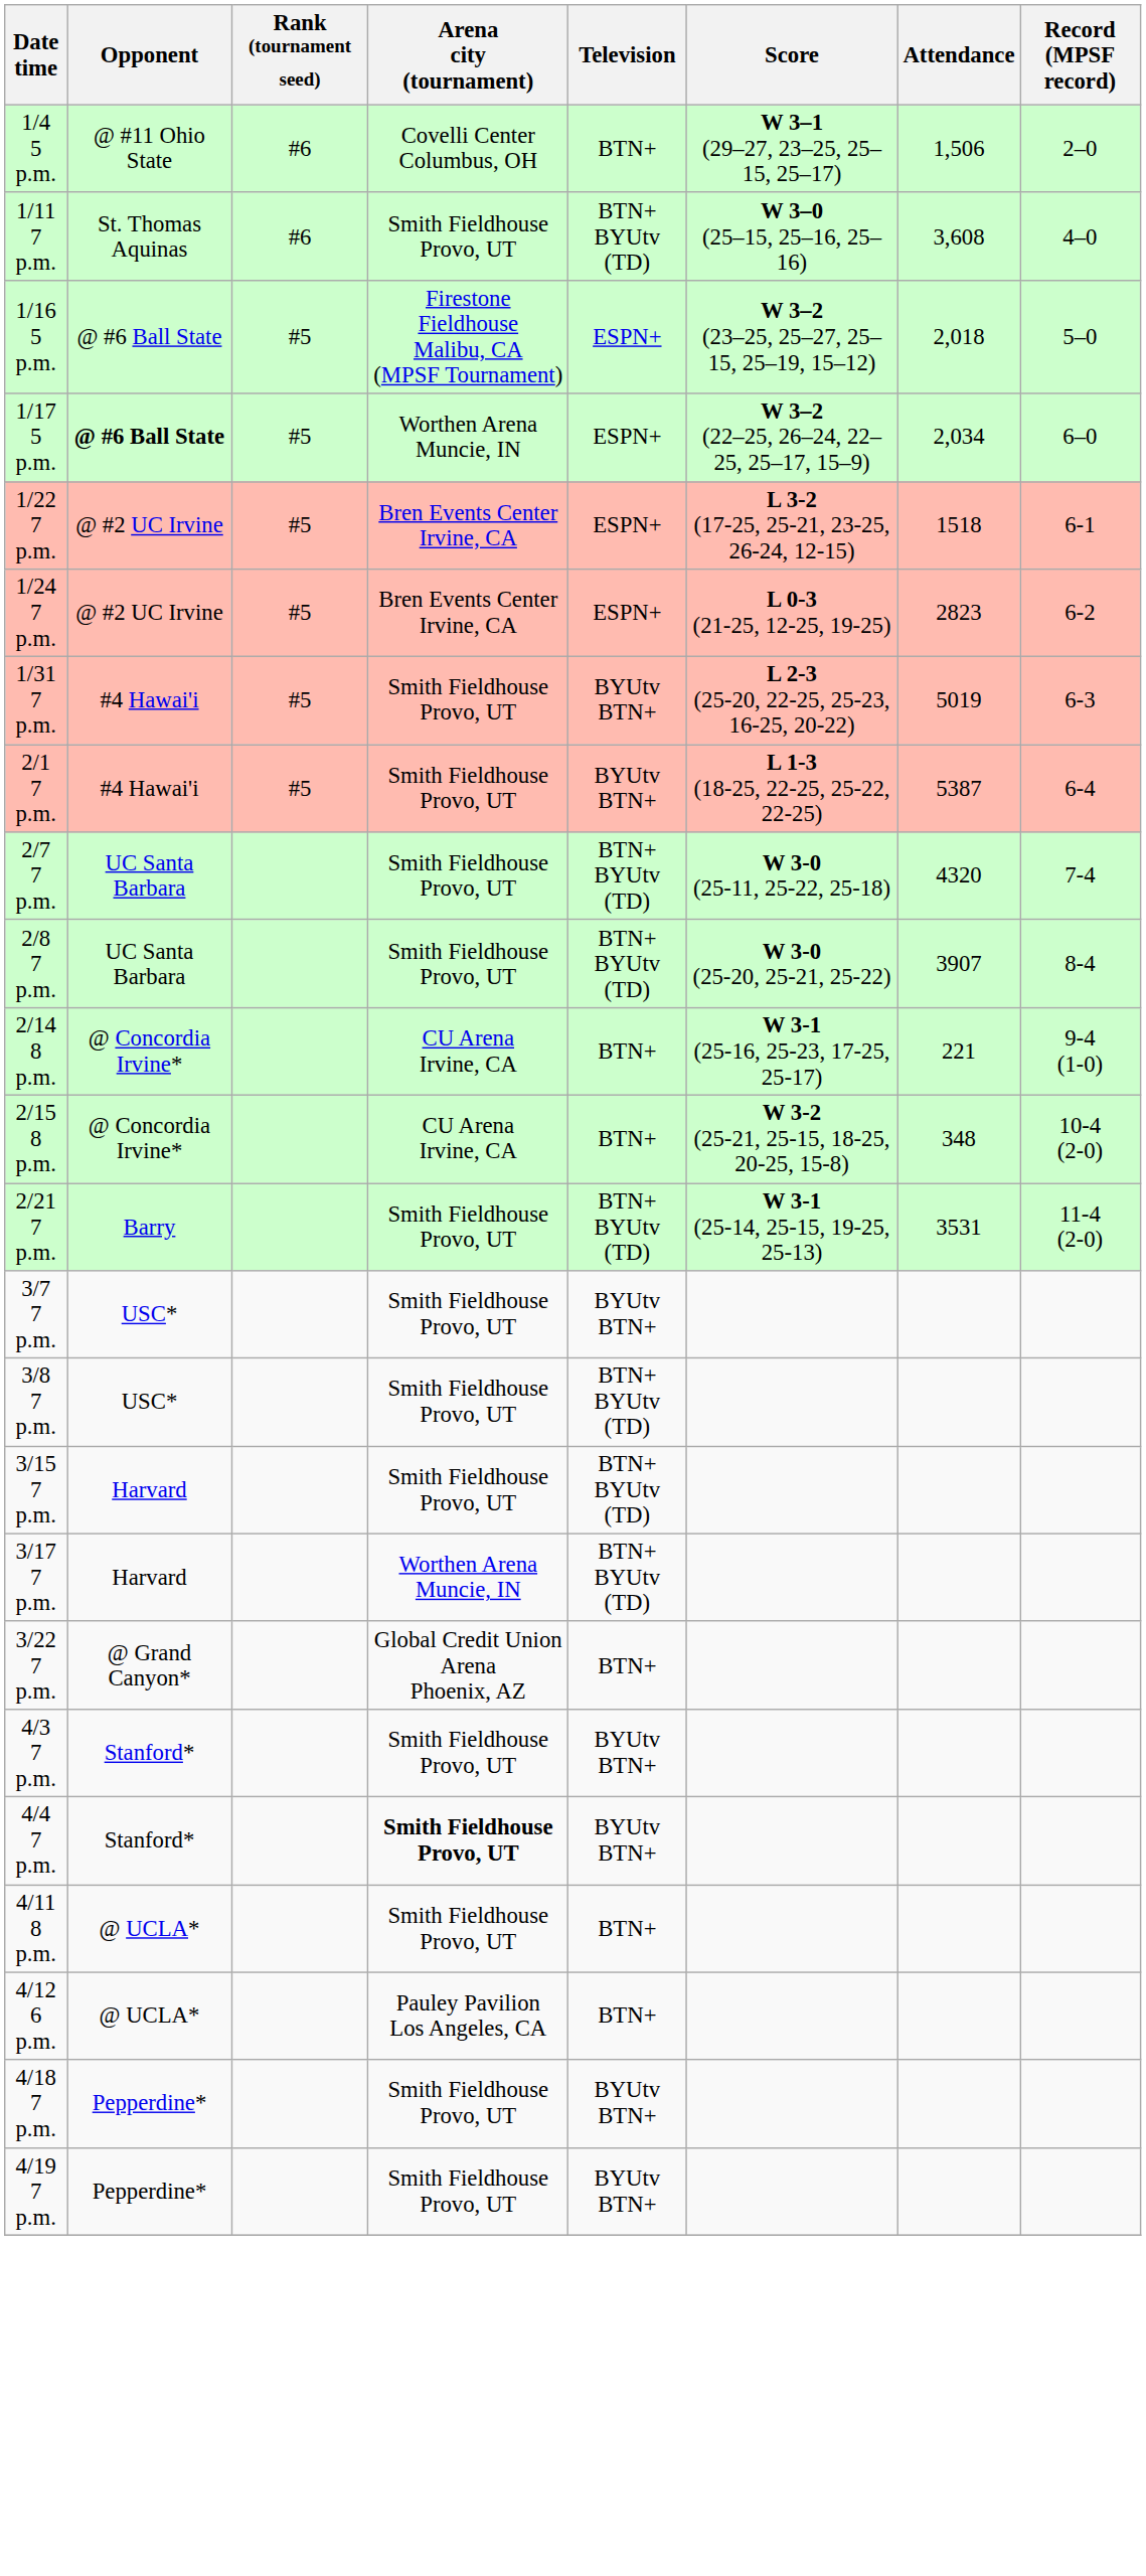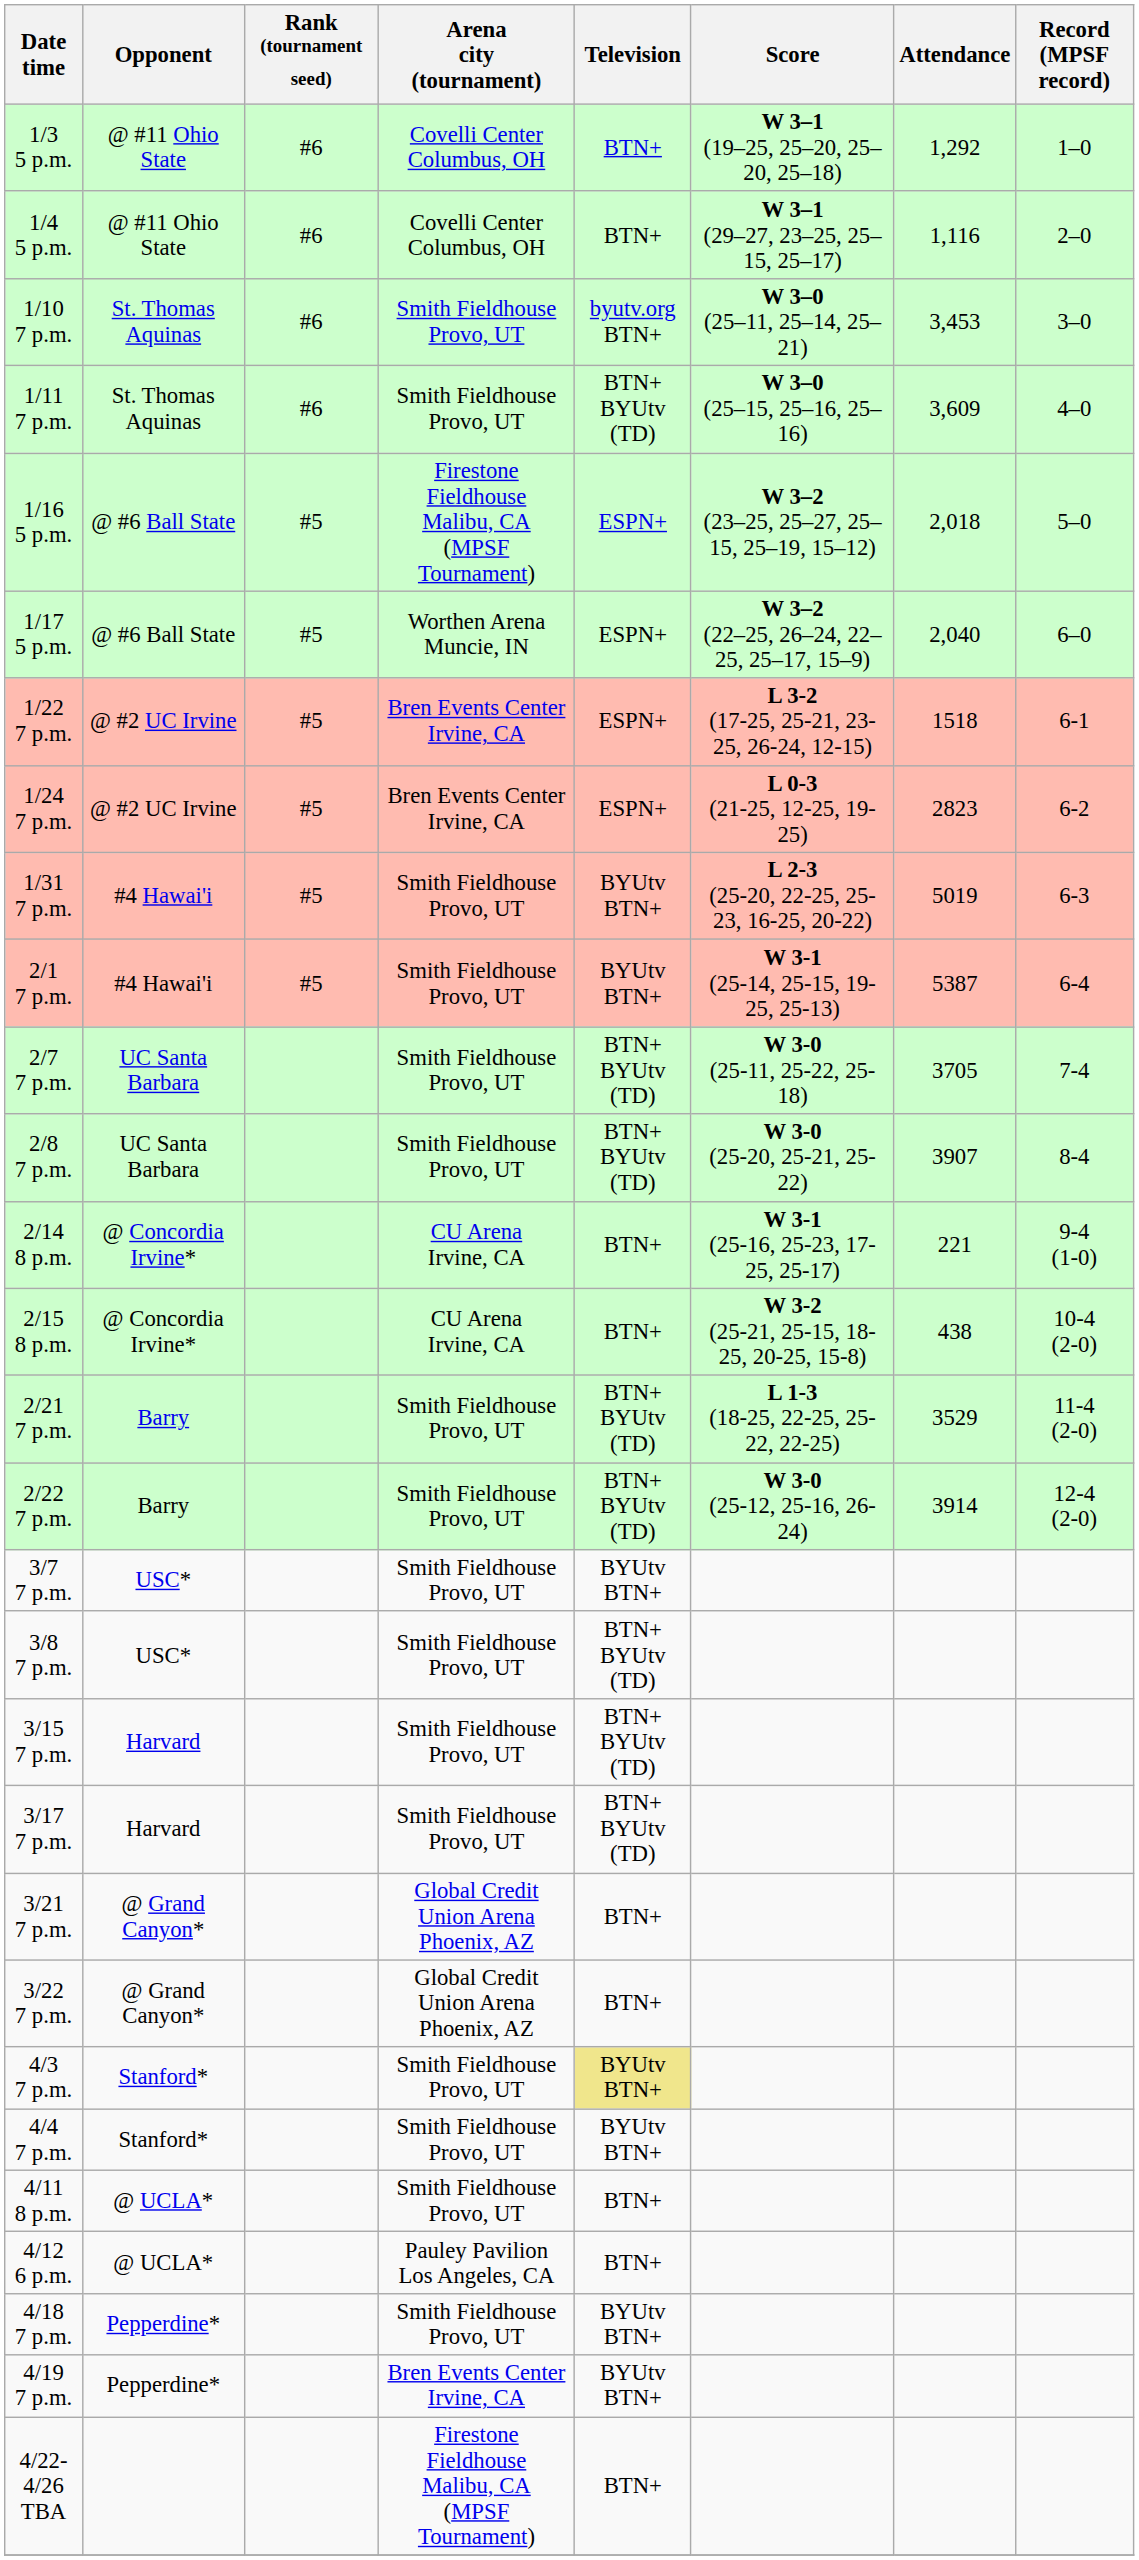 <table class="wikitable sortable" style="width:90%">
 <tr>
 <th>Date<br>time</th>
 <th>Opponent</th>
 <th>Rank<br><sup>(tournament seed)</sup></th>
 <th>Arena<br>city<br>(tournament)</th>
 <th>Television</th>
 <th>Score</th>
 <th>Attendance</th>
 <th>Record<br>(MPSF record)</th>
 </tr>
 <tr align="center" bgcolor="#ccffcc">
+<td>1/3<br>5 p.m.</td>
+<td>@ #11 <a href='#'>Ohio State</a></td>
+<td>#6</td>
+<td><a href='#'>Covelli Center</a><br><a href='#'>Columbus, OH</a></td>
+<td><a href='#'>BTN+</a></td>
+<td><strong>W 3–1</strong><br>(19–25, 25–20, 25–20, 25–18)</td>
+<td>1,292</td>
+<td>1–0</td>
+</tr>
+<tr align="center" bgcolor="#ccffcc">
 <td>1/4<br>5 p.m.</td>
 <td>@ #11 Ohio State</td>
 <td>#6</td>
 <td>Covelli Center<br>Columbus, OH</td>
 <td>BTN+</td>
 <td><strong>W 3–1</strong><br>(29–27, 23–25, 25–15, 25–17)</td>
-<td>1,506</td>
+<td>1,116</td>
 <td>2–0</td>
+</tr>
+<tr align="center" bgcolor="#ccffcc">
+<td>1/10<br>7 p.m.</td>
+<td><a href='#'>St. Thomas Aquinas</a></td>
+<td>#6</td>
+<td><a href='#'>Smith Fieldhouse</a><br><a href='#'>Provo, UT</a></td>
+<td><a href='#'>byutv.org</a><br>BTN+</td>
+<td><strong>W 3–0</strong><br>(25–11, 25–14, 25–21)</td>
+<td>3,453</td>
+<td>3–0</td>
 </tr>
 <tr align="center" bgcolor="#ccffcc">
 <td>1/11<br>7 p.m.</td>
 <td>St. Thomas Aquinas</td>
 <td>#6</td>
 <td>Smith Fieldhouse<br>Provo, UT</td>
 <td>BTN+<br>BYUtv (TD)</td>
 <td><strong>W 3–0</strong><br>(25–15, 25–16, 25–16)</td>
-<td>3,608</td>
+<td>3,609</td>
 <td>4–0</td>
 </tr>
 <tr align="center" bgcolor="#ccffcc">
 <td>1/16<br>5 p.m.</td>
 <td>@ #6 <a href='#'>Ball State</a></td>
 <td>#5</td>
 <td><a href='#'>Firestone Fieldhouse</a><br><a href='#'>Malibu, CA</a><br>(<a href='#'>MPSF Tournament</a>)</td>
 <td><a href='#'>ESPN+</a></td>
 <td><strong>W 3–2</strong><br>(23–25, 25–27, 25–15, 25–19, 15–12)</td>
 <td>2,018</td>
 <td>5–0</td>
 </tr>
 <tr align="center" bgcolor="#ccffcc">
 <td>1/17<br>5 p.m.</td>
-<td><strong>@ #6 Ball State</strong></td>
+<td>@ #6 Ball State</td>
 <td>#5</td>
 <td>Worthen Arena<br>Muncie, IN</td>
 <td>ESPN+</td>
 <td><strong>W 3–2</strong><br>(22–25, 26–24, 22–25, 25–17, 15–9)</td>
-<td>2,034</td>
+<td>2,040</td>
 <td>6–0</td>
 </tr>
 <tr align="center" bgcolor="ffbbb">
 <td>1/22<br>7 p.m.</td>
 <td>@ #2 <a href='#'>UC Irvine</a></td>
 <td>#5</td>
 <td><a href='#'>Bren Events Center</a><br><a href='#'>Irvine, CA</a></td>
 <td>ESPN+</td>
 <td><strong>L 3-2</strong><br>(17-25, 25-21, 23-25, 26-24, 12-15)</td>
 <td>1518</td>
 <td>6-1</td>
 </tr>
 <tr align="center" bgcolor="ffbbb">
 <td>1/24<br>7 p.m.</td>
 <td>@ #2 UC Irvine</td>
 <td>#5</td>
 <td>Bren Events Center<br>Irvine, CA</td>
 <td>ESPN+</td>
 <td><strong>L 0-3</strong><br>(21-25, 12-25, 19-25)</td>
 <td>2823</td>
 <td>6-2</td>
 </tr>
 <tr align="center" bgcolor="ffbbb">
 <td>1/31<br>7 p.m.</td>
 <td>#4 <a href='#'>Hawai'i</a></td>
 <td>#5</td>
 <td>Smith Fieldhouse<br>Provo, UT</td>
 <td>BYUtv<br>BTN+</td>
 <td><strong>L 2-3</strong><br>(25-20, 22-25, 25-23, 16-25, 20-22)</td>
 <td>5019</td>
 <td>6-3</td>
 </tr>
 <tr align="center" bgcolor="ffbbb">
 <td>2/1<br>7 p.m.</td>
 <td>#4 Hawai'i</td>
 <td>#5</td>
 <td>Smith Fieldhouse<br>Provo, UT</td>
 <td>BYUtv<br>BTN+</td>
-<td><strong>L 1-3</strong><br>(18-25, 22-25, 25-22, 22-25)</td>
+<td><strong>W 3-1</strong><br>(25-14, 25-15, 19-25, 25-13)</td>
 <td>5387</td>
 <td>6-4</td>
 </tr>
 <tr align="center" bgcolor="ccffcc">
 <td>2/7<br>7 p.m.</td>
 <td><a href='#'>UC Santa Barbara</a></td>
 <td></td>
 <td>Smith Fieldhouse<br>Provo, UT</td>
 <td>BTN+<br>BYUtv (TD)</td>
 <td><strong>W 3-0</strong><br>(25-11, 25-22, 25-18)</td>
-<td>4320</td>
+<td>3705</td>
 <td>7-4</td>
 </tr>
 <tr align="center" bgcolor="ccffcc">
 <td>2/8<br>7 p.m.</td>
 <td>UC Santa Barbara</td>
 <td></td>
 <td>Smith Fieldhouse<br>Provo, UT</td>
 <td>BTN+<br>BYUtv (TD)</td>
 <td><strong>W 3-0</strong><br>(25-20, 25-21, 25-22)</td>
 <td>3907</td>
 <td>8-4</td>
 </tr>
 <tr align="center" bgcolor="ccffcc">
 <td>2/14<br>8 p.m.</td>
 <td>@ <a href='#'>Concordia Irvine</a>*</td>
 <td></td>
 <td><a href='#'>CU Arena</a><br>Irvine, CA</td>
 <td>BTN+</td>
 <td><strong>W 3-1</strong><br>(25-16, 25-23, 17-25, 25-17)</td>
 <td>221</td>
 <td>9-4<br>(1-0)</td>
 </tr>
 <tr align="center" bgcolor="ccffcc">
 <td>2/15<br>8 p.m.</td>
 <td>@ Concordia Irvine*</td>
 <td></td>
 <td>CU Arena<br>Irvine, CA</td>
 <td>BTN+</td>
 <td><strong>W 3-2</strong><br>(25-21, 25-15, 18-25, 20-25, 15-8)</td>
-<td>348</td>
+<td>438</td>
 <td>10-4<br>(2-0)</td>
 </tr>
 <tr align="center" bgcolor="ccffcc">
 <td>2/21<br>7 p.m.</td>
 <td><a href='#'>Barry</a></td>
 <td></td>
 <td>Smith Fieldhouse<br>Provo, UT</td>
 <td>BTN+<br>BYUtv (TD)</td>
-<td><strong>W 3-1</strong><br>(25-14, 25-15, 19-25, 25-13)</td>
-<td>3531</td>
+<td><strong>L 1-3</strong><br>(18-25, 22-25, 25-22, 22-25)</td>
+<td>3529</td>
 <td>11-4<br>(2-0)</td>
+</tr>
+<tr align="center" bgcolor="ccffcc">
+<td>2/22<br>7 p.m.</td>
+<td>Barry</td>
+<td></td>
+<td>Smith Fieldhouse<br>Provo, UT</td>
+<td>BTN+<br>BYUtv (TD)</td>
+<td><strong>W 3-0</strong><br>(25-12, 25-16, 26-24)</td>
+<td>3914</td>
+<td>12-4<br>(2-0)</td>
 </tr>
 <tr align="center">
 <td>3/7<br>7 p.m.</td>
 <td><a href='#'>USC</a>*</td>
 <td></td>
 <td>Smith Fieldhouse<br>Provo, UT</td>
 <td>BYUtv<br>BTN+</td>
 <td></td>
 <td></td>
 <td></td>
 </tr>
 <tr align="center">
 <td>3/8<br>7 p.m.</td>
 <td>USC*</td>
 <td></td>
 <td>Smith Fieldhouse<br>Provo, UT</td>
 <td>BTN+<br>BYUtv (TD)</td>
 <td></td>
 <td></td>
 <td></td>
 </tr>
 <tr align="center">
 <td>3/15<br>7 p.m.</td>
 <td><a href='#'>Harvard</a></td>
 <td></td>
 <td>Smith Fieldhouse<br>Provo, UT</td>
 <td>BTN+<br>BYUtv (TD)</td>
 <td></td>
 <td></td>
 <td></td>
 </tr>
 <tr align="center">
 <td>3/17<br>7 p.m.</td>
 <td>Harvard</td>
 <td></td>
-<td><a href='#'>Worthen Arena</a><br><a href='#'>Muncie, IN</a></td>
+<td>Smith Fieldhouse<br>Provo, UT</td>
 <td>BTN+<br>BYUtv (TD)</td>
+<td></td>
+<td></td>
+<td></td>
+</tr>
+<tr align="center">
+<td>3/21<br>7 p.m.</td>
+<td>@ <a href='#'>Grand Canyon</a>*</td>
+<td></td>
+<td><a href='#'>Global Credit Union Arena</a><br><a href='#'>Phoenix, AZ</a></td>
+<td>BTN+</td>
 <td></td>
 <td></td>
 <td></td>
 </tr>
 <tr align="center">
 <td>3/22<br>7 p.m.</td>
 <td>@ Grand Canyon*</td>
 <td></td>
 <td>Global Credit Union Arena<br>Phoenix, AZ</td>
 <td>BTN+</td>
 <td></td>
 <td></td>
 <td></td>
 </tr>
 <tr align="center">
 <td>4/3<br>7 p.m.</td>
 <td><a href='#'>Stanford</a>*</td>
 <td></td>
 <td>Smith Fieldhouse<br>Provo, UT</td>
-<td>BYUtv<br>BTN+</td>
+<td style="background: khaki;">BYUtv<br>BTN+</td>
 <td></td>
 <td></td>
 <td></td>
 </tr>
 <tr align="center">
 <td>4/4<br>7 p.m.</td>
 <td>Stanford*</td>
 <td></td>
-<td><strong>Smith Fieldhouse<br>Provo, UT</strong></td>
+<td>Smith Fieldhouse<br>Provo, UT</td>
 <td>BYUtv<br>BTN+</td>
 <td></td>
 <td></td>
 <td></td>
 </tr>
 <tr align="center">
 <td>4/11<br>8 p.m.</td>
 <td>@ <a href='#'>UCLA</a>*</td>
 <td></td>
 <td>Smith Fieldhouse<br>Provo, UT</td>
 <td>BTN+</td>
 <td></td>
 <td></td>
 <td></td>
 </tr>
 <tr align="center">
 <td>4/12<br>6 p.m.</td>
 <td>@ UCLA*</td>
 <td></td>
 <td>Pauley Pavilion<br>Los Angeles, CA</td>
 <td>BTN+</td>
 <td></td>
 <td></td>
 <td></td>
 </tr>
 <tr align="center">
 <td>4/18<br>7 p.m.</td>
 <td><a href='#'>Pepperdine</a>*</td>
 <td></td>
 <td>Smith Fieldhouse<br>Provo, UT</td>
 <td>BYUtv<br>BTN+</td>
 <td></td>
 <td></td>
 <td></td>
 </tr>
 <tr align="center">
 <td>4/19<br>7 p.m.</td>
 <td>Pepperdine*</td>
 <td></td>
-<td>Smith Fieldhouse<br>Provo, UT</td>
+<td><a href='#'>Bren Events Center</a><br><a href='#'>Irvine, CA</a></td>
 <td>BYUtv<br>BTN+</td>
+<td></td>
+<td></td>
+<td></td>
+</tr>
+<tr align="center">
+<td>4/22-4/26<br>TBA</td>
+<td></td>
+<td></td>
+<td><a href='#'>Firestone Fieldhouse</a><br><a href='#'>Malibu, CA</a><br>(<a href='#'>MPSF Tournament</a>)</td>
+<td>BTN+</td>
 <td></td>
 <td></td>
 <td></td>
 </tr>
 <tr>
 </tr>
 </table>
